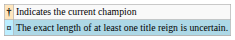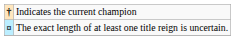 <table class="wikitable">
 <tr>
 <th style="background-color:#FFE6BD">†</th>
 <td>Indicates the current champion</td>
 </tr>
 <tr>
 <th style="background-color:#bbeeff">¤</th>
-<td style="background: lightblue;">The exact length of at least one title reign is uncertain.</td>
+<td>The exact length of at least one title reign is uncertain.</td>
 </tr>
 <tr>
 </tr>
 </table>
